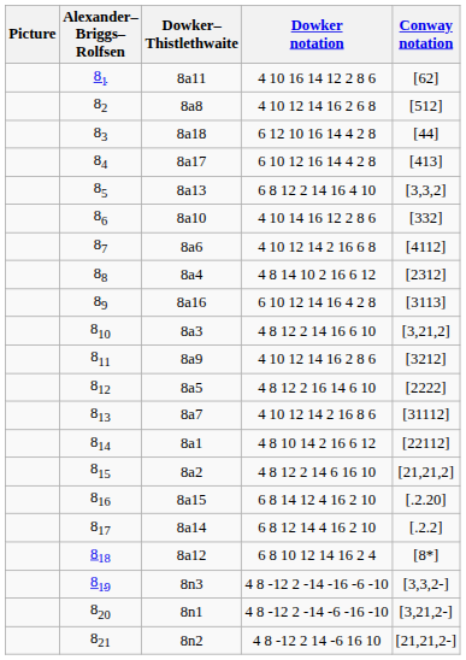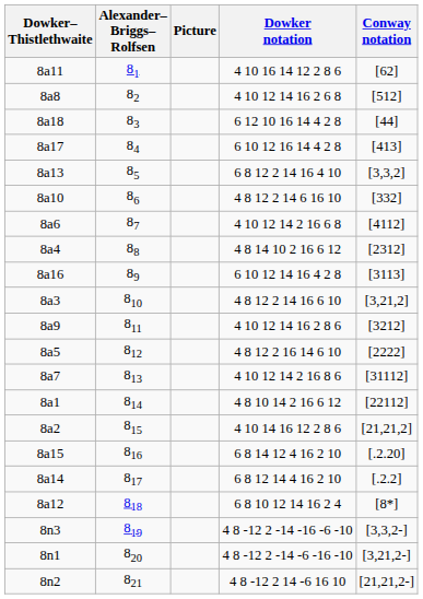 <table class="wikitable sortable" style="text-align:center">
 <tr>
+<th>Dowker–<br>Thistlethwaite</th>
+<th>Alexander–<br>Briggs–<br>Rolfsen</th>
 <th>Picture</th>
-<th>Alexander–<br>Briggs–<br>Rolfsen</th>
-<th>Dowker–<br>Thistlethwaite</th>
 <th><a href='#'>Dowker<br> notation</a></th>
 <th><a href='#'>Conway<br> notation</a></th>
 </tr>
 <tr>
+<td>8a­11</td>
+<td><a href='#'>8<sub>1</sub></a></td>
 <td></td>
-<td><a href='#'>8<sub>1</sub></a></td>
-<td>8a­11</td>
 <td>4 10 16 14 12 2 8 6</td>
 <td>[62]</td>
 </tr>
 <tr>
+<td>8a8</td>
+<td>8<sub>2</sub></td>
 <td></td>
-<td>8<sub>2</sub></td>
-<td>8a8</td>
 <td>4 10 12 14 16 2 6 8</td>
 <td>[512]</td>
 </tr>
 <tr>
+<td>8a­18</td>
+<td>8<sub>3</sub></td>
 <td></td>
-<td>8<sub>3</sub></td>
-<td>8a­18</td>
 <td>6 12 10 16 14 4 2 8</td>
 <td>[44]</td>
 </tr>
 <tr>
+<td>8a­17</td>
+<td>8<sub>4</sub></td>
 <td></td>
-<td>8<sub>4</sub></td>
-<td>8a­17</td>
 <td>6 10 12 16 14 4 2 8</td>
 <td>[413]</td>
 </tr>
 <tr>
+<td>8a­13</td>
+<td>8<sub>5</sub></td>
 <td></td>
-<td>8<sub>5</sub></td>
-<td>8a­13</td>
 <td>6 8 12 2 14 16 4 10</td>
 <td>[3,3,2]</td>
 </tr>
 <tr>
+<td>8a­10</td>
+<td>8<sub>6</sub></td>
 <td></td>
-<td>8<sub>6</sub></td>
-<td>8a­10</td>
-<td>4 10 14 16 12 2 8 6</td>
+<td>4 8 12 2 14 6 16 10</td>
 <td>[332]</td>
 </tr>
 <tr>
+<td>8a6</td>
+<td>8<sub>7</sub></td>
 <td><br></td>
-<td>8<sub>7</sub></td>
-<td>8a6</td>
 <td>4 10 12 14 2 16 6 8</td>
 <td>[4112]</td>
 </tr>
 <tr>
+<td>8a4</td>
+<td>8<sub>8</sub></td>
 <td><br></td>
-<td>8<sub>8</sub></td>
-<td>8a4</td>
 <td>4 8 14 10 2 16 6 12</td>
 <td>[2312]</td>
 </tr>
 <tr>
+<td>8a­16</td>
+<td>8<sub>9</sub></td>
 <td><br></td>
-<td>8<sub>9</sub></td>
-<td>8a­16</td>
 <td>6 10 12 14 16 4 2 8</td>
 <td>[3113]</td>
 </tr>
 <tr>
+<td>8a3</td>
+<td>8<sub>10</sub></td>
 <td><br></td>
-<td>8<sub>10</sub></td>
-<td>8a3</td>
 <td>4 8 12 2 14 16 6 10</td>
 <td>[3,21,2]</td>
 </tr>
 <tr>
+<td>8a9</td>
+<td>8<sub>11</sub></td>
 <td><br></td>
-<td>8<sub>11</sub></td>
-<td>8a9</td>
 <td>4 10 12 14 16 2 8 6</td>
 <td>[3212]</td>
 </tr>
 <tr>
+<td>8a5</td>
+<td>8<sub>12</sub></td>
 <td></td>
-<td>8<sub>12</sub></td>
-<td>8a5</td>
 <td>4 8 12 2 16 14 6 10</td>
 <td>[2222]</td>
 </tr>
 <tr>
+<td>8a7</td>
+<td>8<sub>13</sub></td>
 <td><br></td>
-<td>8<sub>13</sub></td>
-<td>8a7</td>
 <td>4 10 12 14 2 16 8 6</td>
 <td>[31112]</td>
 </tr>
 <tr>
+<td>8a1</td>
+<td>8<sub>14</sub></td>
 <td><br></td>
-<td>8<sub>14</sub></td>
-<td>8a1</td>
 <td>4 8 10 14 2 16 6 12</td>
 <td>[22112]</td>
 </tr>
 <tr>
+<td>8a2</td>
+<td>8<sub>15</sub></td>
 <td></td>
-<td>8<sub>15</sub></td>
-<td>8a2</td>
-<td>4 8 12 2 14 6 16 10</td>
+<td>4 10 14 16 12 2 8 6</td>
 <td>[21,21,2]</td>
 </tr>
 <tr>
+<td>8a­15</td>
+<td>8<sub>16</sub></td>
 <td></td>
-<td>8<sub>16</sub></td>
-<td>8a­15</td>
 <td>6 8 14 12 4 16 2 10</td>
 <td>[.2.20]</td>
 </tr>
 <tr>
+<td>8a­14</td>
+<td>8<sub>17</sub></td>
 <td></td>
-<td>8<sub>17</sub></td>
-<td>8a­14</td>
 <td>6 8 12 14 4 16 2 10</td>
 <td>[.2.2]</td>
 </tr>
 <tr>
+<td>8a­12</td>
+<td><a href='#'>8<sub>18</sub></a></td>
 <td></td>
-<td><a href='#'>8<sub>18</sub></a></td>
-<td>8a­12</td>
 <td>6 8 10 12 14 16 2 4</td>
 <td>[8*]</td>
 </tr>
 <tr>
+<td>8n3</td>
+<td><a href='#'>8<sub>19</sub></a></td>
 <td></td>
-<td><a href='#'>8<sub>19</sub></a></td>
-<td>8n3</td>
 <td>4 8 -12 2 -14 -16 -6 -10</td>
 <td>[3,3,2-]</td>
 </tr>
 <tr>
+<td>8n1</td>
+<td>8<sub>20</sub></td>
 <td></td>
-<td>8<sub>20</sub></td>
-<td>8n1</td>
 <td>4 8 -12 2 -14 -6 -16 -10</td>
 <td>[3,21,2-]</td>
 </tr>
 <tr>
+<td>8n2</td>
+<td>8<sub>21</sub></td>
 <td></td>
-<td>8<sub>21</sub></td>
-<td>8n2</td>
 <td>4 8 -12 2 14 -6 16 10</td>
 <td>[21,21,2-]</td>
 </tr>
 </table>
